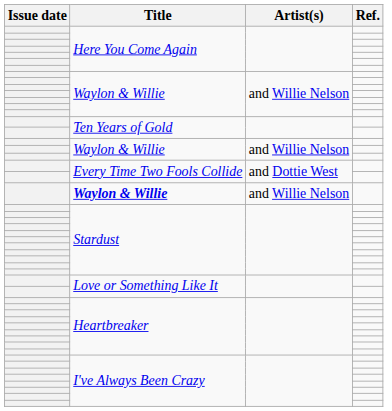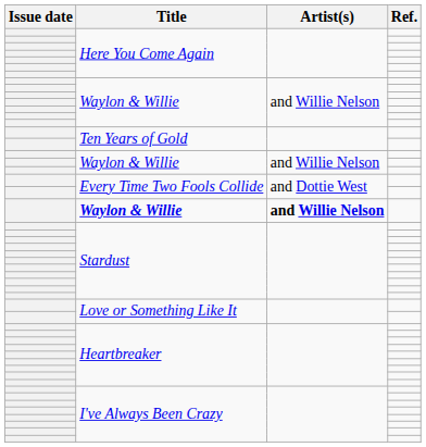 <table class="wikitable sortable plainrowheaders">
 <tr>
 <th scope=col>Issue date</th>
 <th scope=col>Title</th>
 <th scope=col>Artist(s)</th>
 <th scope=col class=unsortable>Ref.</th>
 </tr>
 <tr>
 <th scope=row></th>
 <td rowspan=7><em><a href='#'>Here You Come Again</a></em></td>
 <td rowspan=7></td>
 <td align=center></td>
 </tr>
 <tr>
 <th scope=row></th>
 <td align=center></td>
 </tr>
 <tr>
 <th scope=row></th>
 <td align=center></td>
 </tr>
 <tr>
 <th scope=row></th>
 <td align=center></td>
 </tr>
 <tr>
 <th scope=row></th>
 <td align=center></td>
 </tr>
 <tr>
 <th scope=row></th>
 <td align=center></td>
 </tr>
 <tr>
 <th scope=row></th>
 <td align=center></td>
 </tr>
 <tr>
 <th scope=row></th>
 <td rowspan=7><em><a href='#'>Waylon & Willie</a></em></td>
 <td rowspan=7> and <a href='#'>Willie Nelson</a></td>
 <td align=center></td>
 </tr>
 <tr>
 <th scope=row></th>
 <td align=center></td>
 </tr>
 <tr>
 <th scope=row></th>
 <td align=center></td>
 </tr>
 <tr>
 <th scope=row></th>
 <td align=center></td>
 </tr>
 <tr>
 <th scope=row></th>
 <td align=center></td>
 </tr>
 <tr>
 <th scope=row></th>
 <td align=center></td>
 </tr>
 <tr>
 <th scope=row></th>
 <td align=center></td>
 </tr>
 <tr>
 <th scope=row></th>
 <td rowspan=2><em><a href='#'>Ten Years of Gold</a></em></td>
 <td rowspan=2></td>
 <td align=center></td>
 </tr>
 <tr>
 <th scope=row></th>
 <td align=center></td>
 </tr>
 <tr>
 <th scope=row></th>
 <td rowspan=3><em><a href='#'>Waylon & Willie</a></em></td>
 <td rowspan=3> and <a href='#'>Willie Nelson</a></td>
 <td align=center></td>
 </tr>
 <tr>
 <th scope=row></th>
 <td align=center></td>
 </tr>
 <tr>
 <th scope=row></th>
 <td align=center></td>
 </tr>
 <tr>
 <th scope=row></th>
 <td rowspan=2><em><a href='#'>Every Time Two Fools Collide</a></em></td>
 <td rowspan=2> and <a href='#'>Dottie West</a></td>
 <td align=center></td>
 </tr>
 <tr>
 <th scope=row></th>
 <td align=center></td>
 </tr>
 <tr>
 <th scope=row></th>
 <td rowspan=1><strong><em><a href='#'>Waylon & Willie</a></em></strong></td>
-<td rowspan=1> and <a href='#'>Willie Nelson</a></td>
+<td rowspan=1><strong> and <a href='#'>Willie Nelson</a></strong></td>
 <td align=center></td>
 </tr>
 <tr>
 <th scope=row></th>
 <td rowspan=11><em><a href='#'>Stardust</a></em></td>
 <td rowspan=11></td>
 <td align=center></td>
 </tr>
 <tr>
 <th scope=row></th>
 <td align=center></td>
 </tr>
 <tr>
 <th scope=row></th>
 <td align=center></td>
 </tr>
 <tr>
 <th scope=row></th>
 <td align=center></td>
 </tr>
 <tr>
 <th scope=row></th>
 <td align=center></td>
 </tr>
 <tr>
 <th scope=row></th>
 <td align=center></td>
 </tr>
 <tr>
 <th scope=row></th>
 <td align=center></td>
 </tr>
 <tr>
 <th scope=row></th>
 <td align=center></td>
 </tr>
 <tr>
 <th scope=row></th>
 <td align=center></td>
 </tr>
 <tr>
 <th scope=row></th>
 <td align=center></td>
 </tr>
 <tr>
 <th scope=row></th>
 <td align=center></td>
 </tr>
 <tr>
 <th scope=row></th>
 <td rowspan=2><em><a href='#'>Love or Something Like It</a></em></td>
 <td rowspan=2></td>
 <td align=center></td>
 </tr>
 <tr>
 <th scope=row></th>
 <td align=center></td>
 </tr>
 <tr>
 <th scope=row></th>
 <td rowspan=9><em><a href='#'>Heartbreaker</a></em></td>
 <td rowspan=9></td>
 <td align=center></td>
 </tr>
 <tr>
 <th scope=row></th>
 <td align=center></td>
 </tr>
 <tr>
 <th scope=row></th>
 <td align=center></td>
 </tr>
 <tr>
 <th scope=row></th>
 <td align=center></td>
 </tr>
 <tr>
 <th scope=row></th>
 <td align=center></td>
 </tr>
 <tr>
 <th scope=row></th>
 <td align=center></td>
 </tr>
 <tr>
 <th scope=row></th>
 <td align=center></td>
 </tr>
 <tr>
 <th scope=row></th>
 <td align=center></td>
 </tr>
 <tr>
 <th scope=row></th>
 <td align=center></td>
 </tr>
 <tr>
 <th scope=row></th>
 <td rowspan=8><em><a href='#'>I've Always Been Crazy</a></em></td>
 <td rowspan=8></td>
 <td align=center></td>
 </tr>
 <tr>
 <th scope=row></th>
 <td align=center></td>
 </tr>
 <tr>
 <th scope=row></th>
 <td align=center></td>
 </tr>
 <tr>
 <th scope=row></th>
 <td align=center></td>
 </tr>
 <tr>
 <th scope=row></th>
 <td align=center></td>
 </tr>
 <tr>
 <th scope=row></th>
 <td align=center></td>
 </tr>
 <tr>
 <th scope=row></th>
 <td align=center></td>
 </tr>
 <tr>
 <th scope=row></th>
 <td align=center></td>
 </tr>
 </table>
